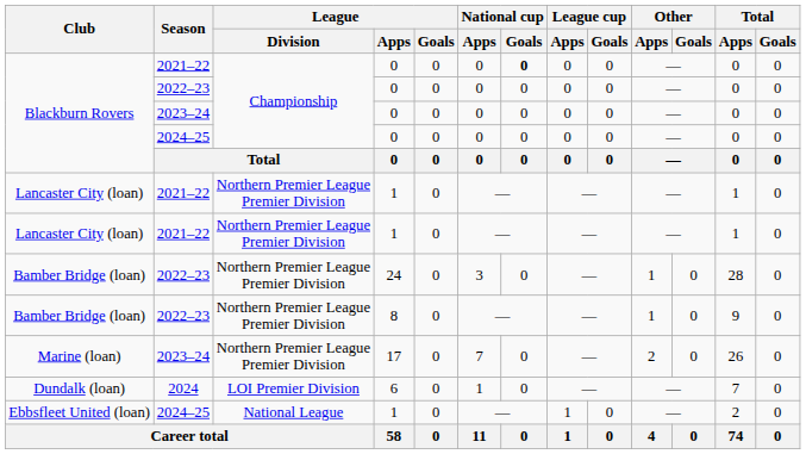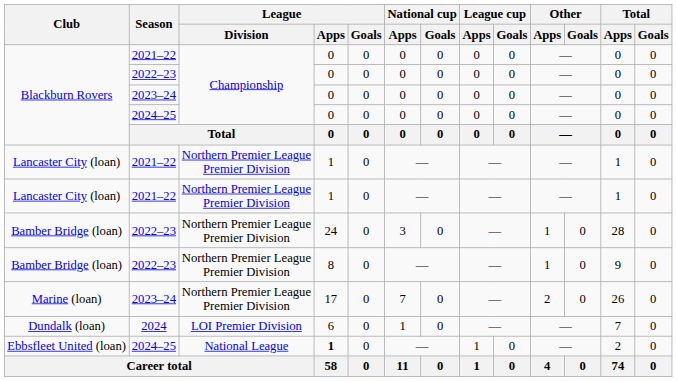 <table class="wikitable" style="text-align: center">
 <tr>
 <th rowspan="2">Club</th>
 <th rowspan="2">Season</th>
 <th colspan="3">League</th>
 <th colspan="2">National cup</th>
 <th colspan="2">League cup</th>
 <th colspan="2">Other</th>
 <th colspan="2">Total</th>
 </tr>
 <tr>
 <th>Division</th>
 <th>Apps</th>
 <th>Goals</th>
 <th>Apps</th>
 <th>Goals</th>
 <th>Apps</th>
 <th>Goals</th>
 <th>Apps</th>
 <th>Goals</th>
 <th>Apps</th>
 <th>Goals</th>
 </tr>
 <tr>
 <td rowspan="5"><a href='#'>Blackburn Rovers</a></td>
 <td><a href='#'>2021–22</a></td>
 <td rowspan="4"><a href='#'>Championship</a></td>
 <td>0</td>
 <td>0</td>
 <td>0</td>
-<td><strong>0</strong></td>
+<td>0</td>
 <td>0</td>
 <td>0</td>
 <td colspan="2">—</td>
 <td>0</td>
 <td>0</td>
 </tr>
 <tr>
 <td><a href='#'>2022–23</a></td>
 <td>0</td>
 <td>0</td>
 <td>0</td>
 <td>0</td>
 <td>0</td>
 <td>0</td>
 <td colspan="2">—</td>
 <td>0</td>
 <td>0</td>
 </tr>
 <tr>
 <td><a href='#'>2023–24</a></td>
 <td>0</td>
 <td>0</td>
 <td>0</td>
 <td>0</td>
 <td>0</td>
 <td>0</td>
 <td colspan="2">—</td>
 <td>0</td>
 <td>0</td>
 </tr>
 <tr>
 <td><a href='#'>2024–25</a></td>
 <td>0</td>
 <td>0</td>
 <td>0</td>
 <td>0</td>
 <td>0</td>
 <td>0</td>
 <td colspan="2">—</td>
 <td>0</td>
 <td>0</td>
 </tr>
 <tr>
 <th colspan="2">Total</th>
 <th>0</th>
 <th>0</th>
 <th>0</th>
 <th>0</th>
 <th>0</th>
 <th>0</th>
 <th colspan="2">—</th>
 <th>0</th>
 <th>0</th>
 </tr>
 <tr>
 <td><a href='#'>Lancaster City</a> (loan)</td>
 <td><a href='#'>2021–22</a></td>
 <td><a href='#'>Northern Premier League<br>Premier Division</a></td>
 <td>1</td>
 <td>0</td>
 <td colspan="2">—</td>
 <td colspan="2">—</td>
 <td colspan="2">—</td>
 <td>1</td>
 <td>0</td>
 </tr>
 <tr>
 <td><a href='#'>Lancaster City</a> (loan)</td>
 <td><a href='#'>2021–22</a></td>
 <td><a href='#'>Northern Premier League<br>Premier Division</a></td>
 <td>1</td>
 <td>0</td>
 <td colspan="2">—</td>
 <td colspan="2">—</td>
 <td colspan="2">—</td>
 <td>1</td>
 <td>0</td>
 </tr>
 <tr>
 <td><a href='#'>Bamber Bridge</a> (loan)</td>
 <td><a href='#'>2022–23</a></td>
 <td>Northern Premier League<br>Premier Division</td>
 <td>24</td>
 <td>0</td>
 <td>3</td>
 <td>0</td>
 <td colspan="2">—</td>
 <td>1</td>
 <td>0</td>
 <td>28</td>
 <td>0</td>
 </tr>
 <tr>
 <td><a href='#'>Bamber Bridge</a> (loan)</td>
 <td><a href='#'>2022–23</a></td>
 <td>Northern Premier League<br>Premier Division</td>
 <td>8</td>
 <td>0</td>
 <td colspan="2">—</td>
 <td colspan="2">—</td>
 <td>1</td>
 <td>0</td>
 <td>9</td>
 <td>0</td>
 </tr>
 <tr>
 <td><a href='#'>Marine</a> (loan)</td>
 <td><a href='#'>2023–24</a></td>
 <td>Northern Premier League<br>Premier Division</td>
 <td>17</td>
 <td>0</td>
 <td>7</td>
 <td>0</td>
 <td colspan="2">—</td>
 <td>2</td>
 <td>0</td>
 <td>26</td>
 <td>0</td>
 </tr>
 <tr>
 <td><a href='#'>Dundalk</a> (loan)</td>
 <td><a href='#'>2024</a></td>
 <td><a href='#'>LOI Premier Division</a></td>
 <td>6</td>
 <td>0</td>
 <td>1</td>
 <td>0</td>
 <td colspan="2">—</td>
 <td colspan="2">—</td>
 <td>7</td>
 <td>0</td>
 </tr>
 <tr>
 <td><a href='#'>Ebbsfleet United</a> (loan)</td>
 <td><a href='#'>2024–25</a></td>
 <td><a href='#'>National League</a></td>
-<td>1</td>
+<td><strong>1</strong></td>
 <td>0</td>
 <td colspan="2">—</td>
 <td>1</td>
 <td>0</td>
 <td colspan="2">—</td>
 <td>2</td>
 <td>0</td>
 </tr>
 <tr>
 <th colspan="3">Career total</th>
 <th>58</th>
 <th>0</th>
 <th>11</th>
 <th>0</th>
 <th>1</th>
 <th>0</th>
 <th>4</th>
 <th>0</th>
 <th>74</th>
 <th>0</th>
 </tr>
 </table>
